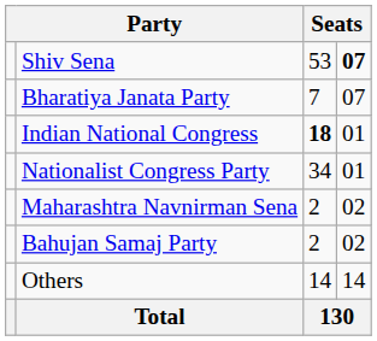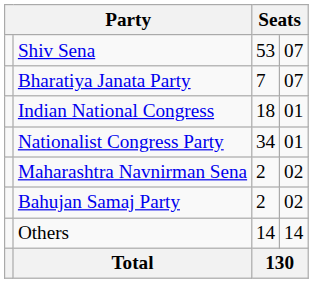 <table class="wikitable">
 <tr>
 <th colspan="2">Party</th>
 <th colspan="2">Seats</th>
 </tr>
 <tr>
 <td style="background-color: "></td>
 <td><a href='#'>Shiv Sena</a></td>
 <td>53</td>
-<td><strong> 07</strong></td>
+<td> 07</td>
 </tr>
 <tr>
 <td style="background-color:"></td>
 <td><a href='#'>Bharatiya Janata Party</a></td>
 <td>7</td>
 <td> 07</td>
 </tr>
 <tr>
 <td style="background-color: "></td>
 <td><a href='#'>Indian National Congress</a></td>
-<td><strong>18</strong></td>
+<td>18</td>
 <td> 01</td>
 </tr>
 <tr>
 <td style="background-color: "></td>
 <td><a href='#'>Nationalist Congress Party</a></td>
 <td>34</td>
 <td> 01</td>
 </tr>
 <tr>
 <td></td>
 <td><a href='#'>Maharashtra Navnirman Sena</a></td>
 <td>2</td>
 <td> 02</td>
 </tr>
 <tr>
 <td></td>
 <td><a href='#'>Bahujan Samaj Party</a></td>
 <td>2</td>
 <td> 02</td>
 </tr>
 <tr>
 <td></td>
 <td>Others</td>
 <td>14</td>
 <td> 14</td>
 </tr>
 <tr>
 <th></th>
 <th><strong>Total</strong></th>
 <th colspan="2">130</th>
 </tr>
 </table>
